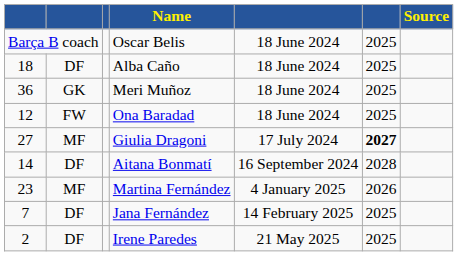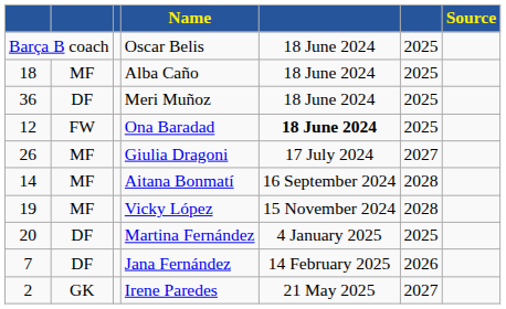 <table class="wikitable">
 <tr>
 <th style="background:#26559B; color:#FFF000; "></th>
 <th style="background:#26559B; color:#FFF000; "></th>
 <th style="background:#26559B; color:#FFF000; "></th>
 <th style="background:#26559B; color:#FFF000; ">Name</th>
 <th style="background:#26559B; color:#FFF000; "></th>
 <th style="background:#26559B; color:#FFF000; "></th>
 <th style="background:#26559B; color:#FFF000; ">Source</th>
 </tr>
 <tr>
 <td colspan="2" style="text-align:center;"><a href='#'>Barça B</a> coach</td>
 <td style="text-align:center;"></td>
 <td>Oscar Belis</td>
 <td style="text-align:center;">18 June 2024</td>
 <td>2025</td>
 <td style="text-align:center;"></td>
 </tr>
 <tr>
 <td style="text-align:center;">18</td>
-<td style="text-align:center;">DF</td>
+<td style="text-align:center;">MF</td>
 <td></td>
 <td>Alba Caño</td>
 <td style="text-align:center;">18 June 2024</td>
 <td>2025</td>
 <td style="text-align:center;"></td>
 </tr>
 <tr>
 <td style="text-align:center;">36</td>
-<td style="text-align:center;">GK</td>
+<td style="text-align:center;">DF</td>
 <td></td>
 <td>Meri Muñoz</td>
 <td style="text-align:center;">18 June 2024</td>
 <td>2025</td>
 <td style="text-align:center;"></td>
 </tr>
 <tr>
 <td style="text-align:center;">12</td>
 <td style="text-align:center;">FW</td>
 <td></td>
 <td><a href='#'>Ona Baradad</a></td>
-<td style="text-align:center;">18 June 2024</td>
+<td style="text-align:center;"><strong>18 June 2024</strong></td>
 <td>2025</td>
 <td style="text-align:center;"></td>
 </tr>
 <tr>
-<td style="text-align:center;">27</td>
+<td style="text-align:center;">26</td>
 <td style="text-align:center;">MF</td>
 <td></td>
 <td><a href='#'>Giulia Dragoni</a></td>
 <td style="text-align:center;">17 July 2024</td>
-<td><strong>2027</strong></td>
+<td>2027</td>
 <td style="text-align:center;"></td>
 </tr>
 <tr>
 <td style="text-align:center;">14</td>
-<td style="text-align:center;">DF</td>
+<td style="text-align:center;">MF</td>
 <td></td>
 <td><a href='#'>Aitana Bonmatí</a></td>
 <td style="text-align:center;">16 September 2024</td>
 <td>2028</td>
 <td style="text-align:center;"></td>
 </tr>
 <tr>
-<td style="text-align:center;">23</td>
+<td style="text-align:center;">19</td>
 <td style="text-align:center;">MF</td>
+<td></td>
+<td><a href='#'>Vicky López</a></td>
+<td style="text-align:center;">15 November 2024</td>
+<td>2028</td>
+<td style="text-align:center;"></td>
+</tr>
+<tr>
+<td style="text-align:center;">20</td>
+<td style="text-align:center;">DF</td>
 <td></td>
 <td><a href='#'>Martina Fernández</a></td>
 <td style="text-align:center;">4 January 2025</td>
-<td>2026</td>
+<td>2025</td>
 <td style="text-align:center;"></td>
 </tr>
 <tr>
 <td style="text-align:center;">7</td>
 <td style="text-align:center;">DF</td>
 <td></td>
 <td><a href='#'>Jana Fernández</a></td>
 <td style="text-align:center;">14 February 2025</td>
-<td>2025</td>
+<td>2026</td>
 <td style="text-align:center;"></td>
 </tr>
 <tr>
 <td style="text-align:center;">2</td>
-<td style="text-align:center;">DF</td>
+<td style="text-align:center;">GK</td>
 <td></td>
 <td><a href='#'>Irene Paredes</a></td>
 <td style="text-align:center;">21 May 2025</td>
-<td>2025</td>
+<td>2027</td>
 <td style="text-align:center;"></td>
 </tr>
 </table>
